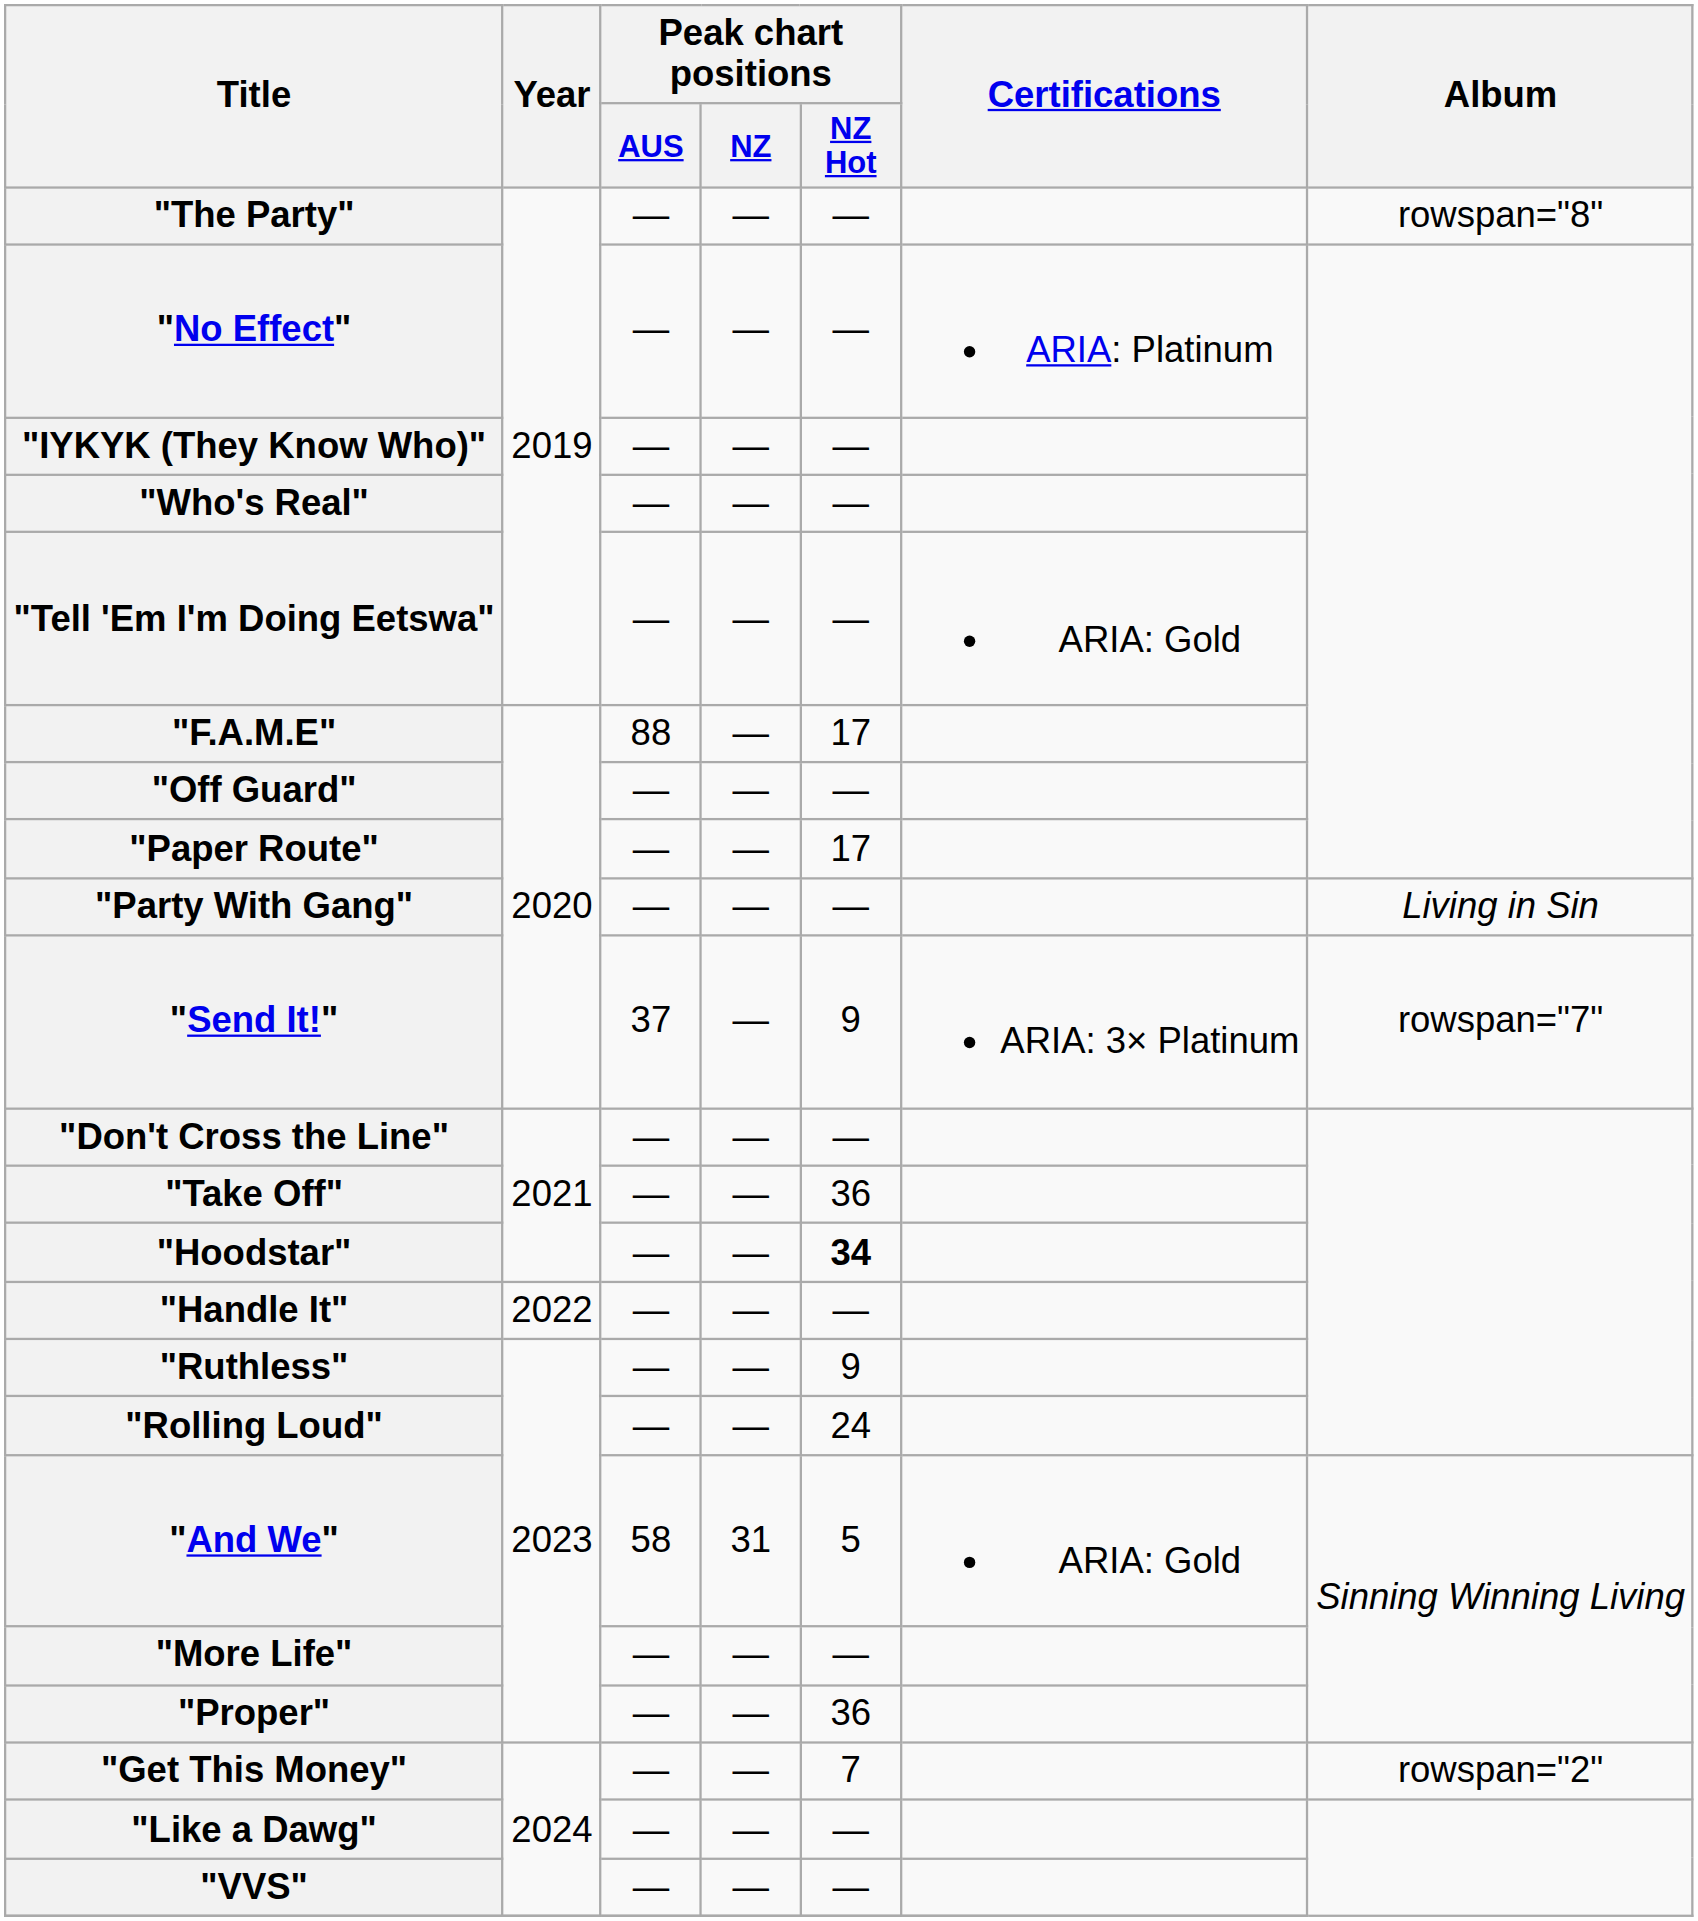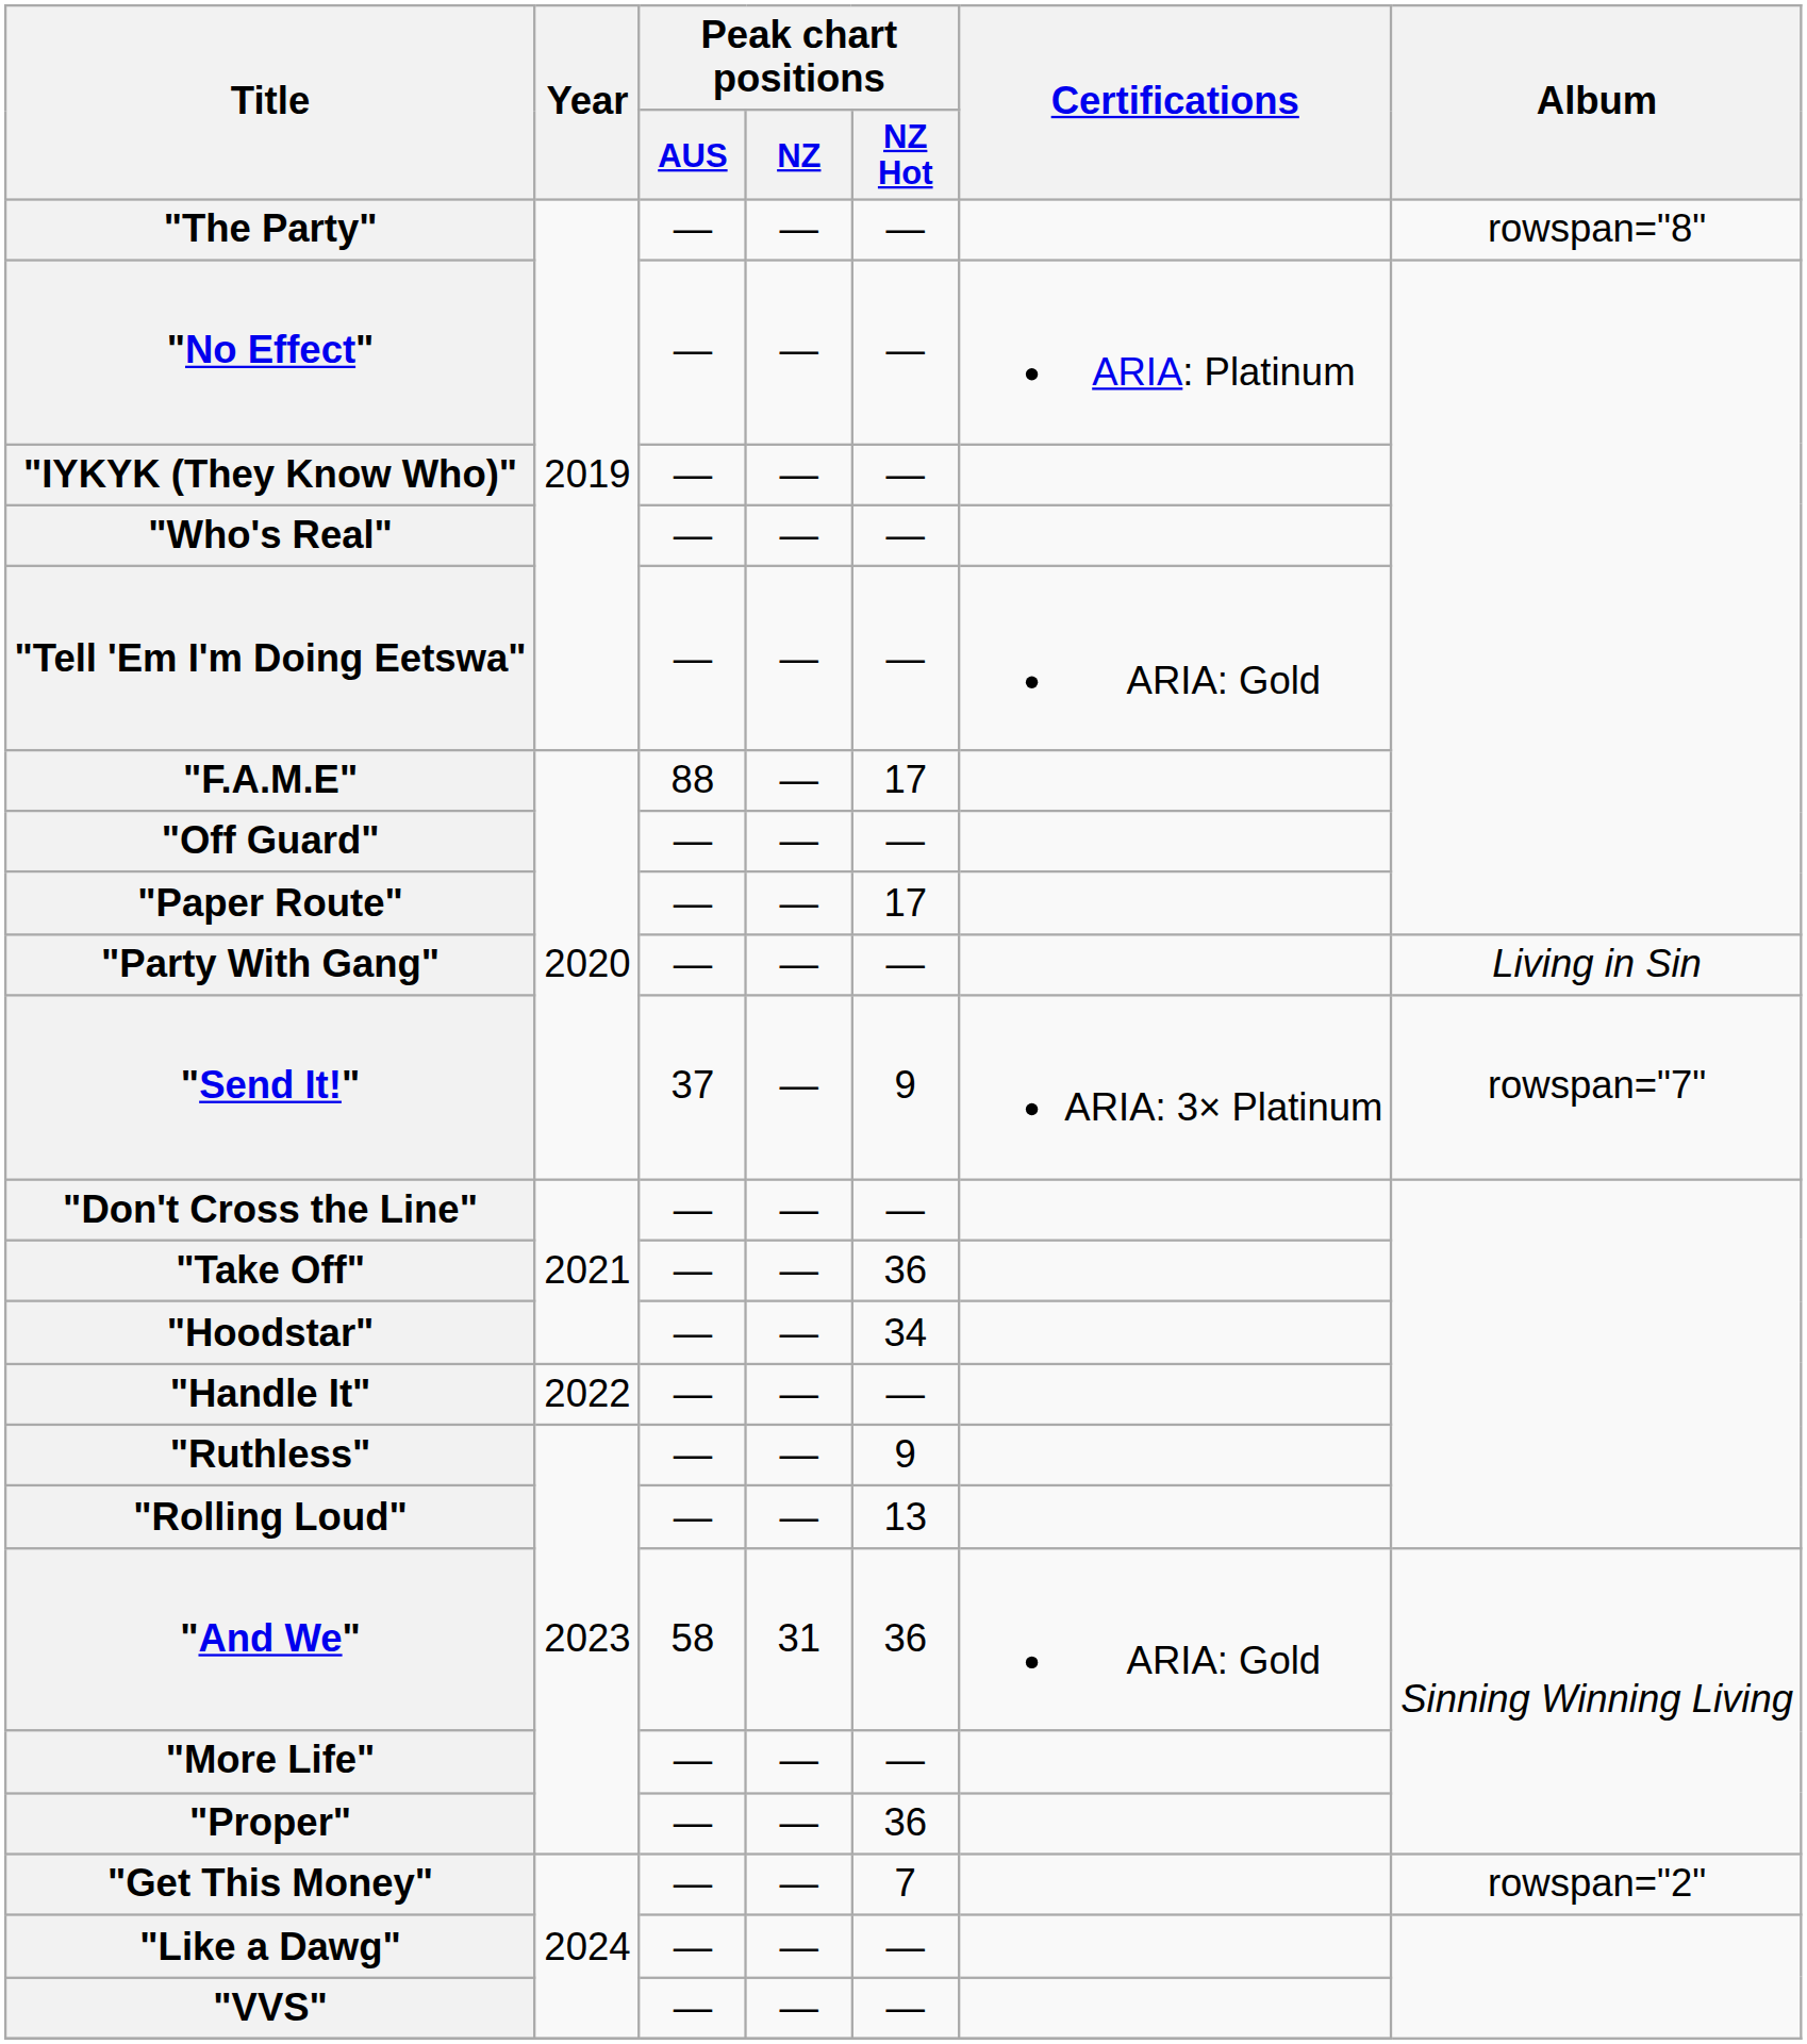 <table class="wikitable plainrowheaders" style="text-align:center;">
 <tr>
 <th scope="col" rowspan="2">Title</th>
 <th scope="col" rowspan="2">Year</th>
 <th scope="col" colspan="3">Peak chart positions</th>
 <th scope="col" rowspan="2"><a href='#'>Certifications</a></th>
 <th scope="col" rowspan="2">Album</th>
 </tr>
 <tr>
 <th scope="col" style="width:2.75em;font-size:85%;"><a href='#'>AUS</a><br></th>
 <th scope="col" style="width:2.75em;font-size:85%;"><a href='#'>NZ</a><br></th>
 <th scope="col" style="width:2.75em;font-size:85%;"><a href='#'>NZ<br>Hot</a><br></th>
 </tr>
 <tr>
 <th scope="row">"The Party"</th>
 <td rowspan="5">2019</td>
 <td>—</td>
 <td>—</td>
 <td>—</td>
 <td></td>
 <td>rowspan="8" </td>
 </tr>
 <tr>
 <th scope="row">"<a href='#'>No Effect</a>"</th>
 <td>—</td>
 <td>—</td>
 <td>—</td>
 <td><br><ul><li><a href='#'>ARIA</a>: Platinum</li></ul></td>
 </tr>
 <tr>
 <th scope="row">"IYKYK (They Know Who)"<br></th>
 <td>—</td>
 <td>—</td>
 <td>—</td>
 <td></td>
 </tr>
 <tr>
 <th scope="row">"Who's Real"<br></th>
 <td>—</td>
 <td>—</td>
 <td>—</td>
 <td></td>
 </tr>
 <tr>
 <th scope="row">"Tell 'Em I'm Doing Eetswa"</th>
 <td>—</td>
 <td>—</td>
 <td>—</td>
 <td><br><ul><li>ARIA: Gold</li></ul></td>
 </tr>
 <tr>
 <th scope="row">"F.A.M.E"<br></th>
 <td rowspan="5">2020</td>
 <td>88</td>
 <td>—</td>
 <td>17</td>
 <td></td>
 </tr>
 <tr>
 <th scope="row">"Off Guard"</th>
 <td>—</td>
 <td>—</td>
 <td>—</td>
 <td></td>
 </tr>
 <tr>
 <th scope="row">"Paper Route"</th>
 <td>—</td>
 <td>—</td>
 <td>17</td>
 <td></td>
 </tr>
 <tr>
 <th scope="row">"Party With Gang"<br></th>
 <td>—</td>
 <td>—</td>
 <td>—</td>
 <td></td>
 <td><em>Living in Sin</em></td>
 </tr>
 <tr>
 <th scope="row">"<a href='#'>Send It!</a>"</th>
 <td>37</td>
 <td>—</td>
 <td>9</td>
 <td><br><ul><li>ARIA: 3× Platinum</li></ul></td>
 <td>rowspan="7" </td>
 </tr>
 <tr>
 <th scope="row">"Don't Cross the Line"<br></th>
 <td rowspan="3">2021</td>
 <td>—</td>
 <td>—</td>
 <td>—</td>
 <td></td>
 </tr>
 <tr>
 <th scope="row">"Take Off"<br></th>
 <td>—</td>
 <td>—</td>
 <td>36</td>
 <td></td>
 </tr>
 <tr>
 <th scope="row">"Hoodstar"<br></th>
 <td>—</td>
 <td>—</td>
-<td><strong>34</strong></td>
+<td>34</td>
 <td></td>
 </tr>
 <tr>
 <th scope="row">"Handle It"</th>
 <td>2022</td>
 <td>—</td>
 <td>—</td>
 <td>—</td>
 <td></td>
 </tr>
 <tr>
 <th scope="row">"Ruthless"<br></th>
 <td rowspan="5">2023</td>
 <td>—</td>
 <td>—</td>
 <td>9</td>
 <td></td>
 </tr>
 <tr>
 <th scope="row">"Rolling Loud" <br></th>
 <td>—</td>
 <td>—</td>
-<td>24</td>
+<td>13</td>
 <td></td>
 </tr>
 <tr>
 <th scope="row">"<a href='#'>And We</a>"</th>
 <td>58</td>
 <td>31</td>
-<td>5</td>
+<td>36</td>
 <td><br><ul><li>ARIA: Gold</li></ul></td>
 <td rowspan="3"><em>Sinning Winning Living</em></td>
 </tr>
 <tr>
 <th scope="row">"More Life"</th>
 <td>—</td>
 <td>—</td>
 <td>—</td>
 <td></td>
 </tr>
 <tr>
 <th scope="row">"Proper"<br></th>
 <td>—</td>
 <td>—</td>
 <td>36</td>
 <td></td>
 </tr>
 <tr>
 <th scope="row">"Get This Money"</th>
 <td rowspan="3">2024</td>
 <td>—</td>
 <td>—</td>
 <td>7</td>
 <td></td>
 <td>rowspan="2" </td>
 </tr>
 <tr>
 <th scope="row">"Like a Dawg"</th>
 <td>—</td>
 <td>—</td>
 <td>—</td>
 <td></td>
 </tr>
 <tr>
 <th scope="row">"VVS"<br></th>
 <td>—</td>
 <td>—</td>
 <td>—</td>
 <td></td>
 </tr>
 <tr>
 </tr>
 </table>
